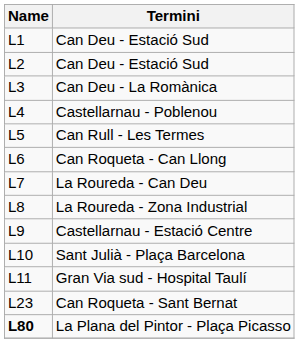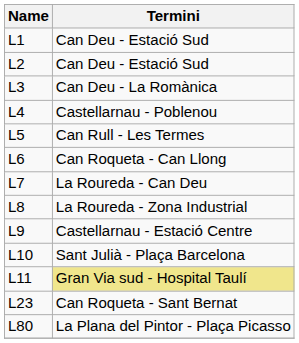 <table class="wikitable sortable">
 <tr>
 <th>Name</th>
 <th>Termini</th>
 </tr>
 <tr>
 <td>L1</td>
 <td>Can Deu - Estació Sud</td>
 </tr>
 <tr>
 <td>L2</td>
 <td>Can Deu - Estació Sud</td>
 </tr>
 <tr>
 <td>L3</td>
 <td>Can Deu - La Romànica</td>
 </tr>
 <tr>
 <td>L4</td>
 <td>Castellarnau - Poblenou</td>
 </tr>
 <tr>
 <td>L5</td>
 <td>Can Rull - Les Termes</td>
 </tr>
 <tr>
 <td>L6</td>
 <td>Can Roqueta - Can Llong</td>
 </tr>
 <tr>
 <td>L7</td>
 <td>La Roureda - Can Deu</td>
 </tr>
 <tr>
 <td>L8</td>
 <td>La Roureda - Zona Industrial</td>
 </tr>
 <tr>
 <td>L9</td>
 <td>Castellarnau - Estació Centre</td>
 </tr>
 <tr>
 <td>L10</td>
 <td>Sant Julià - Plaça Barcelona</td>
 </tr>
 <tr>
 <td>L11</td>
-<td>Gran Via sud - Hospital Taulí</td>
+<td style="background: khaki;">Gran Via sud - Hospital Taulí</td>
 </tr>
 <tr>
 <td>L23</td>
 <td>Can Roqueta - Sant Bernat</td>
 </tr>
 <tr>
-<td><strong>L80</strong></td>
+<td>L80</td>
 <td>La Plana del Pintor - Plaça Picasso</td>
 </tr>
 <tr>
 </tr>
 </table>
